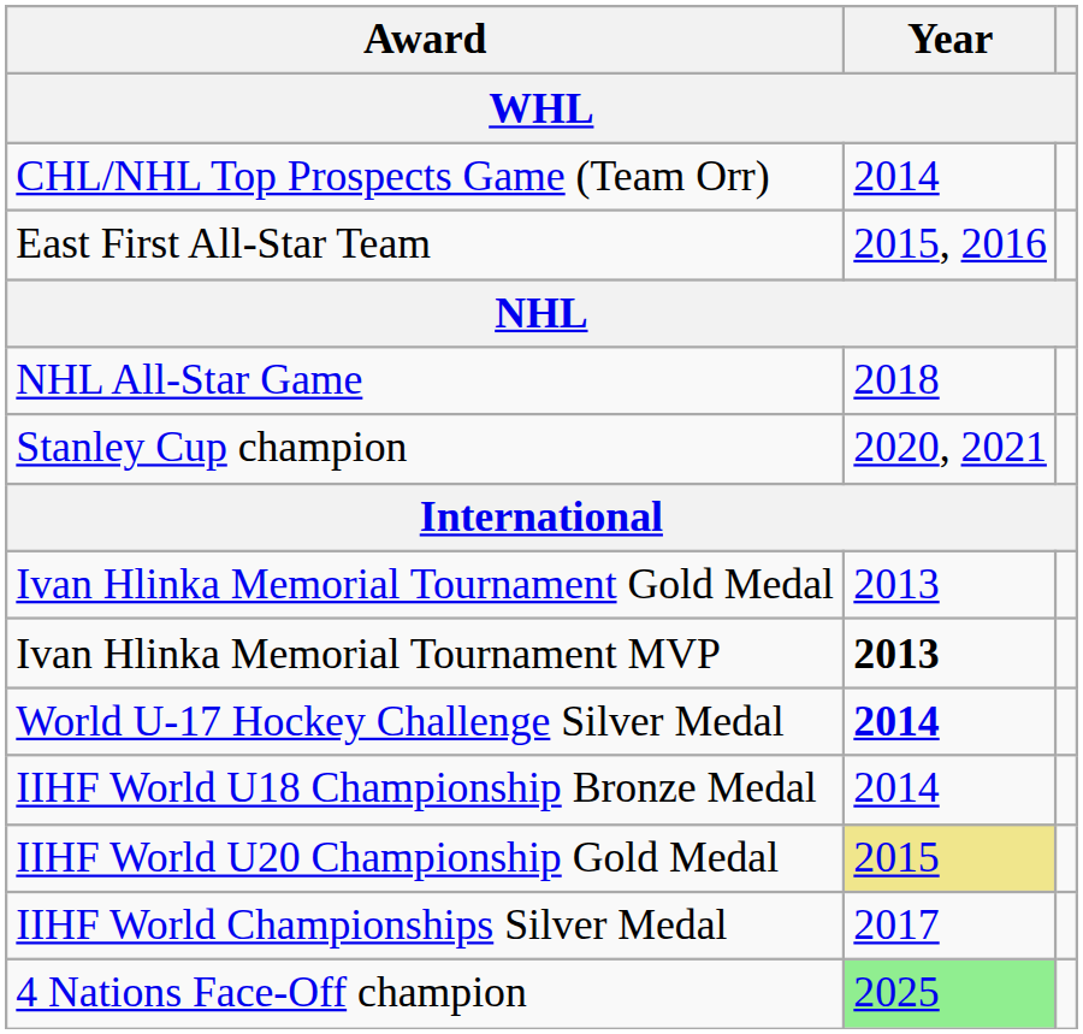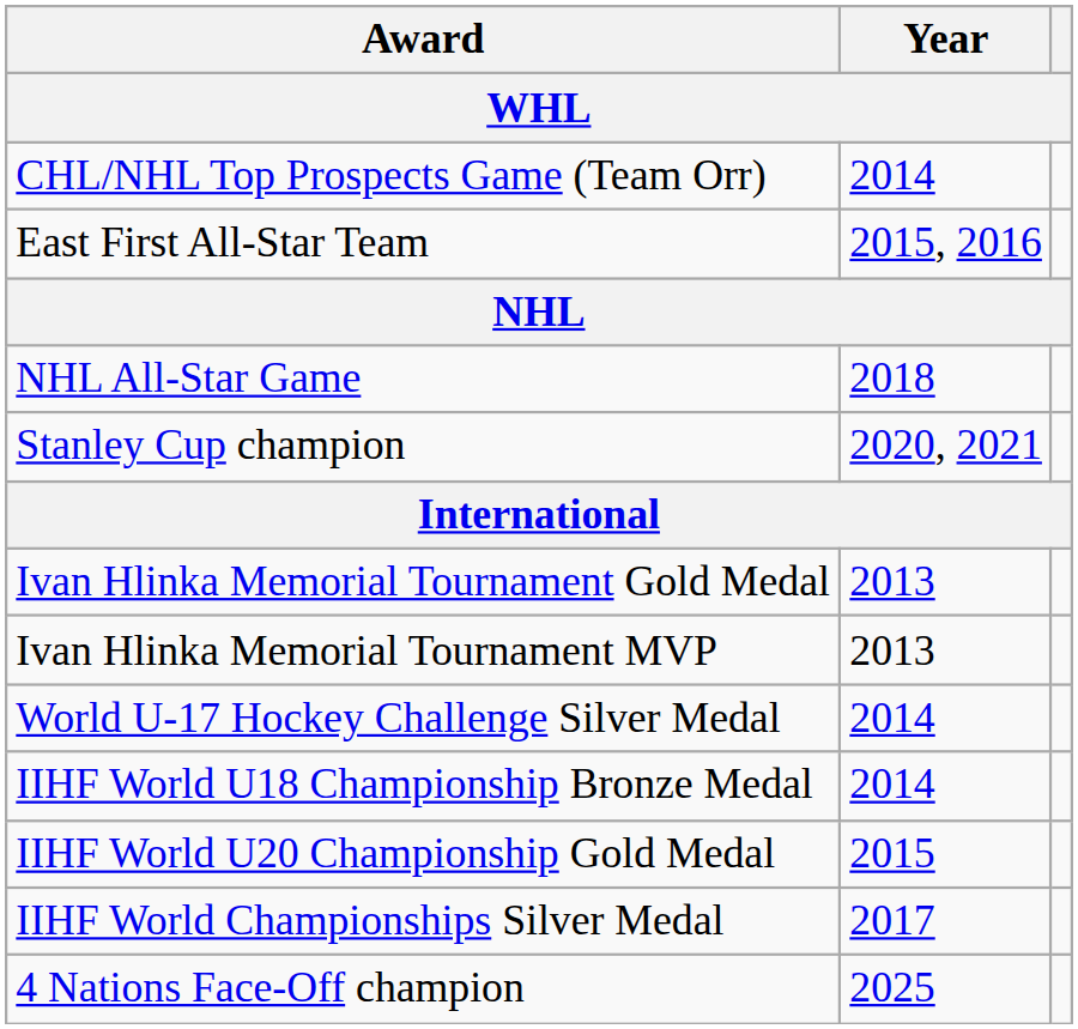 <table class="wikitable">
 <tr>
 <th>Award</th>
 <th>Year</th>
 <th></th>
 </tr>
 <tr ALIGN="center" bgcolor="#e0e0e0">
 <th colspan="3"><a href='#'>WHL</a></th>
 </tr>
 <tr>
 <td><a href='#'>CHL/NHL Top Prospects Game</a> (Team Orr)</td>
 <td><a href='#'>2014</a></td>
 <td></td>
 </tr>
 <tr>
 <td>East First All-Star Team</td>
 <td><a href='#'>2015</a>, <a href='#'>2016</a></td>
 <td></td>
 </tr>
 <tr ALIGN="center" bgcolor="#e0e0e0">
 <th colspan="3"><a href='#'>NHL</a></th>
 </tr>
 <tr>
 <td><a href='#'>NHL All-Star Game</a></td>
 <td><a href='#'>2018</a></td>
 <td></td>
 </tr>
 <tr>
 <td><a href='#'>Stanley Cup</a> champion</td>
 <td><a href='#'>2020</a>, <a href='#'>2021</a></td>
 <td></td>
 </tr>
 <tr ALIGN="center" bgcolor="#e0e0e0">
 <th colspan="3"><a href='#'>International</a></th>
 </tr>
 <tr>
 <td><a href='#'>Ivan Hlinka Memorial Tournament</a> Gold Medal</td>
 <td><a href='#'>2013</a></td>
 <td></td>
 </tr>
 <tr>
 <td>Ivan Hlinka Memorial Tournament MVP</td>
-<td><strong>2013</strong></td>
+<td>2013</td>
 <td></td>
 </tr>
 <tr>
 <td><a href='#'>World U-17 Hockey Challenge</a> Silver Medal</td>
-<td><strong><a href='#'>2014</a></strong></td>
+<td><a href='#'>2014</a></td>
 <td></td>
 </tr>
 <tr>
 <td><a href='#'>IIHF World U18 Championship</a> Bronze Medal</td>
 <td><a href='#'>2014</a></td>
 <td></td>
 </tr>
 <tr>
 <td><a href='#'>IIHF World U20 Championship</a> Gold Medal</td>
-<td style="background: khaki;"><a href='#'>2015</a></td>
+<td><a href='#'>2015</a></td>
 <td></td>
 </tr>
 <tr>
 <td><a href='#'>IIHF World Championships</a> Silver Medal</td>
 <td><a href='#'>2017</a></td>
 <td></td>
 </tr>
 <tr>
 <td><a href='#'>4 Nations Face-Off</a> champion</td>
-<td style="background: lightgreen;"><a href='#'>2025</a></td>
+<td><a href='#'>2025</a></td>
 <td></td>
 </tr>
 </table>
